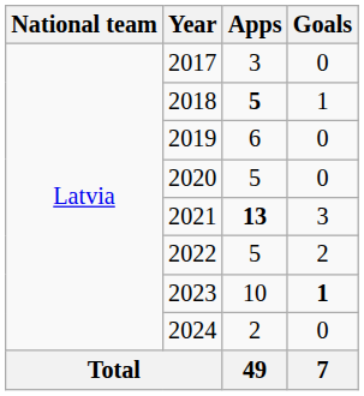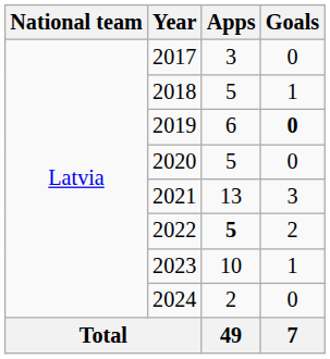 <table class=wikitable style=text-align:center>
 <tr>
 <th>National team</th>
 <th>Year</th>
 <th>Apps</th>
 <th>Goals</th>
 </tr>
 <tr>
 <td rowspan="8"><a href='#'>Latvia</a></td>
 <td>2017</td>
 <td>3</td>
 <td>0</td>
 </tr>
 <tr>
 <td>2018</td>
-<td><strong>5</strong></td>
+<td>5</td>
 <td>1</td>
 </tr>
 <tr>
 <td>2019</td>
 <td>6</td>
-<td>0</td>
+<td><strong>0</strong></td>
 </tr>
 <tr>
 <td>2020</td>
 <td>5</td>
 <td>0</td>
 </tr>
 <tr>
 <td>2021</td>
-<td><strong>13</strong></td>
+<td>13</td>
 <td>3</td>
 </tr>
 <tr>
 <td>2022</td>
-<td>5</td>
+<td><strong>5</strong></td>
 <td>2</td>
 </tr>
 <tr>
 <td>2023</td>
 <td>10</td>
-<td><strong>1</strong></td>
+<td>1</td>
 </tr>
 <tr>
 <td>2024</td>
 <td>2</td>
 <td>0</td>
 </tr>
 <tr>
 <th colspan="2">Total</th>
 <th>49</th>
 <th>7</th>
 </tr>
 </table>
